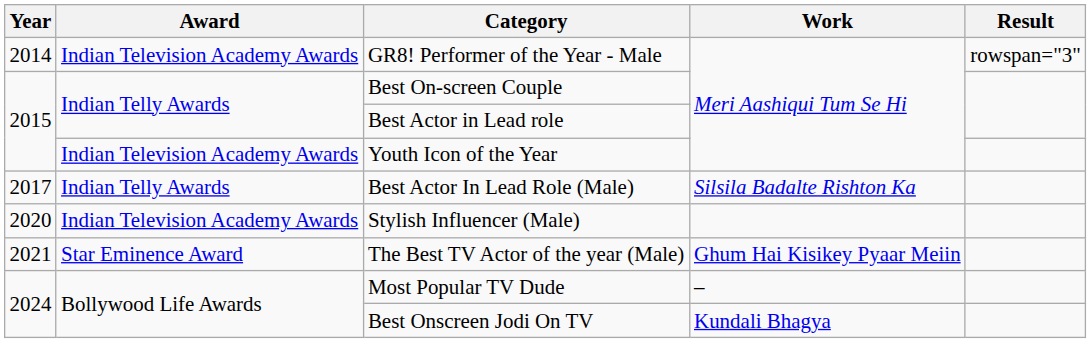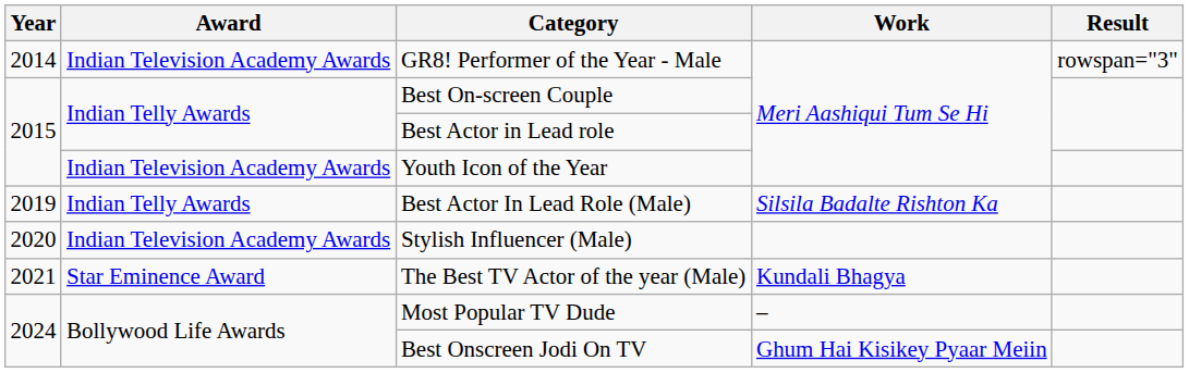 <table class="wikitable sortable">
 <tr>
 <th>Year</th>
 <th>Award</th>
 <th>Category</th>
 <th>Work</th>
 <th>Result</th>
 </tr>
 <tr>
 <td>2014</td>
 <td><a href='#'>Indian Television Academy Awards</a></td>
 <td>GR8! Performer of the Year - Male</td>
 <td rowspan="4"><em><a href='#'>Meri Aashiqui Tum Se Hi</a></em></td>
 <td>rowspan="3" </td>
 </tr>
 <tr>
 <td rowspan="3">2015</td>
 <td rowspan="2"><a href='#'>Indian Telly Awards</a></td>
 <td>Best On-screen Couple</td>
 </tr>
 <tr>
 <td>Best Actor in Lead role</td>
 </tr>
 <tr>
 <td><a href='#'>Indian Television Academy Awards</a></td>
 <td>Youth Icon of the Year</td>
 <td></td>
 </tr>
 <tr>
-<td>2017</td>
+<td>2019</td>
 <td><a href='#'>Indian Telly Awards</a></td>
 <td>Best Actor In Lead Role (Male)</td>
 <td><em><a href='#'>Silsila Badalte Rishton Ka</a></em></td>
 <td></td>
 </tr>
 <tr>
 <td>2020</td>
 <td><a href='#'>Indian Television Academy Awards</a></td>
 <td>Stylish Influencer (Male)</td>
 <td></td>
 <td></td>
 </tr>
 <tr>
 <td>2021</td>
 <td><a href='#'>Star Eminence Award</a></td>
 <td>The Best TV Actor of the year (Male)</td>
-<td><a href='#'>Ghum Hai Kisikey Pyaar Meiin</a></td>
+<td><a href='#'>Kundali Bhagya</a></td>
 <td></td>
 </tr>
 <tr>
 <td rowspan="2">2024</td>
 <td rowspan="2">Bollywood Life Awards</td>
 <td>Most Popular TV Dude</td>
 <td>–</td>
 <td></td>
 </tr>
 <tr>
 <td>Best Onscreen Jodi On TV</td>
-<td><a href='#'>Kundali Bhagya</a></td>
+<td><a href='#'>Ghum Hai Kisikey Pyaar Meiin</a></td>
 <td></td>
 </tr>
 </table>
